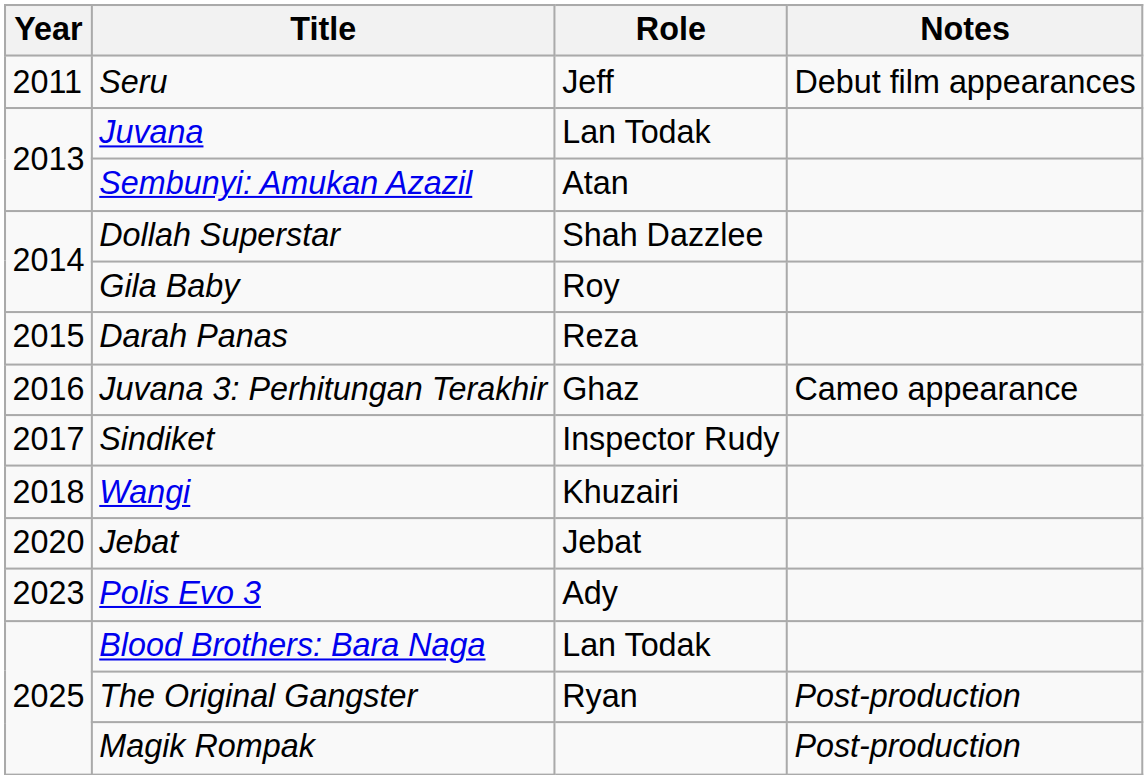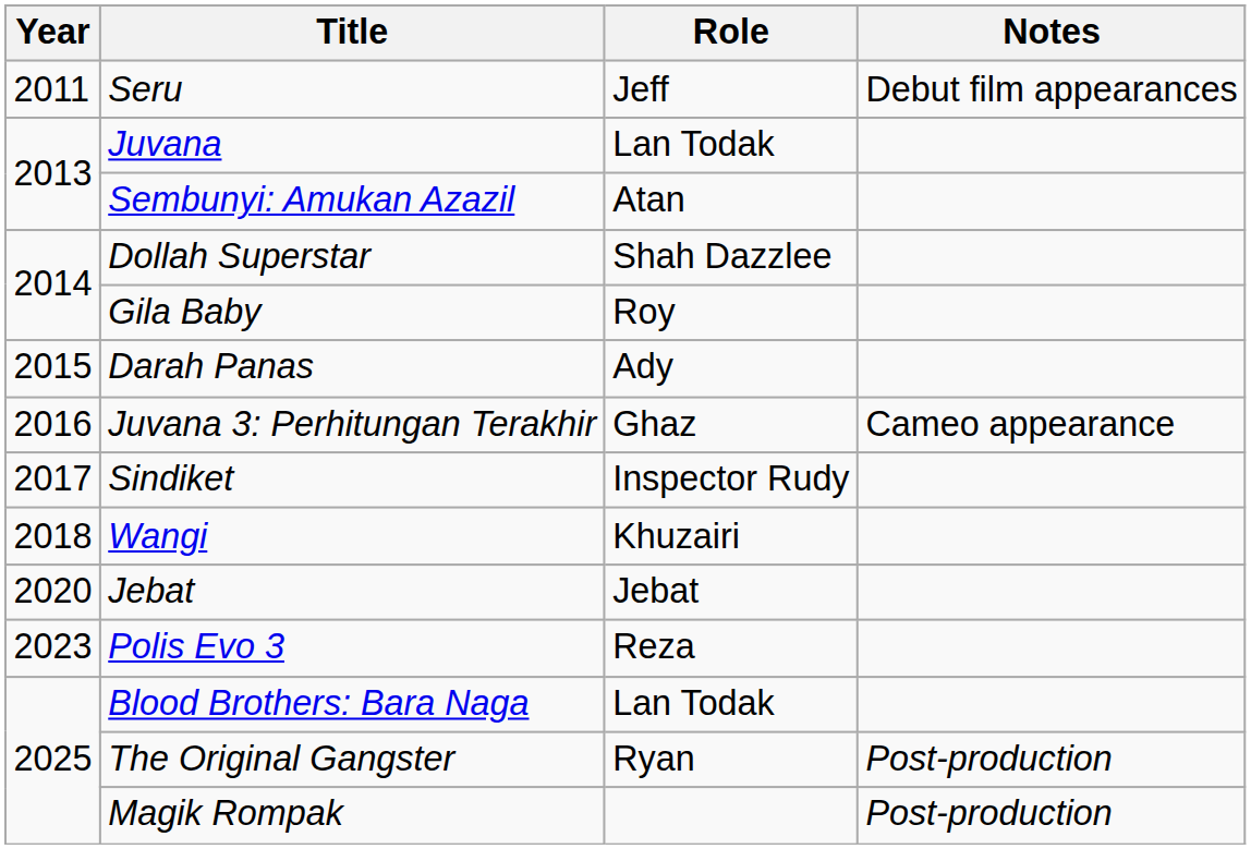 <table class="wikitable">
 <tr>
 <th>Year</th>
 <th>Title</th>
 <th>Role</th>
 <th>Notes</th>
 </tr>
 <tr>
 <td>2011</td>
 <td><em>Seru</em></td>
 <td>Jeff</td>
 <td>Debut film appearances</td>
 </tr>
 <tr>
 <td rowspan="2">2013</td>
 <td><em><a href='#'>Juvana</a></em></td>
 <td>Lan Todak</td>
 <td></td>
 </tr>
 <tr>
 <td><em><a href='#'>Sembunyi: Amukan Azazil</a></em></td>
 <td>Atan</td>
 <td></td>
 </tr>
 <tr>
 <td rowspan="2">2014</td>
 <td><em>Dollah Superstar</em></td>
 <td>Shah Dazzlee</td>
 <td></td>
 </tr>
 <tr>
 <td><em>Gila Baby</em></td>
 <td>Roy</td>
 <td></td>
 </tr>
 <tr>
 <td>2015</td>
 <td><em>Darah Panas</em></td>
-<td>Reza</td>
+<td>Ady</td>
 <td></td>
 </tr>
 <tr>
 <td>2016</td>
 <td><em>Juvana 3: Perhitungan Terakhir</em></td>
 <td>Ghaz</td>
 <td>Cameo appearance</td>
 </tr>
 <tr>
 <td>2017</td>
 <td><em>Sindiket</em></td>
 <td>Inspector Rudy</td>
 <td></td>
 </tr>
 <tr>
 <td>2018</td>
 <td><em><a href='#'>Wangi</a></em></td>
 <td>Khuzairi</td>
 <td></td>
 </tr>
 <tr>
 <td>2020</td>
 <td><em>Jebat</em></td>
 <td>Jebat</td>
 <td></td>
 </tr>
 <tr>
 <td>2023</td>
 <td><em><a href='#'>Polis Evo 3</a></em></td>
-<td>Ady</td>
+<td>Reza</td>
 <td></td>
 </tr>
 <tr>
 <td rowspan="3">2025</td>
 <td><em><a href='#'>Blood Brothers: Bara Naga</a></em></td>
 <td>Lan Todak</td>
 <td></td>
 </tr>
 <tr>
 <td><em>The Original Gangster</em></td>
 <td>Ryan</td>
 <td><em>Post-production</em></td>
 </tr>
 <tr>
 <td><em>Magik Rompak</em></td>
 <td></td>
 <td><em>Post-production</em></td>
 </tr>
 </table>
